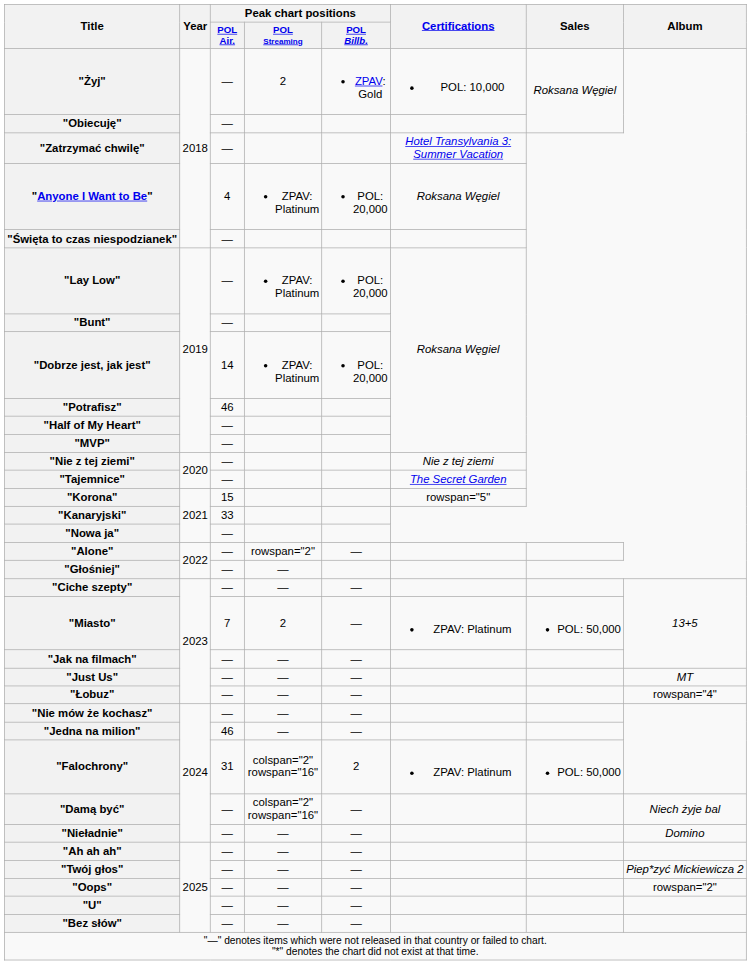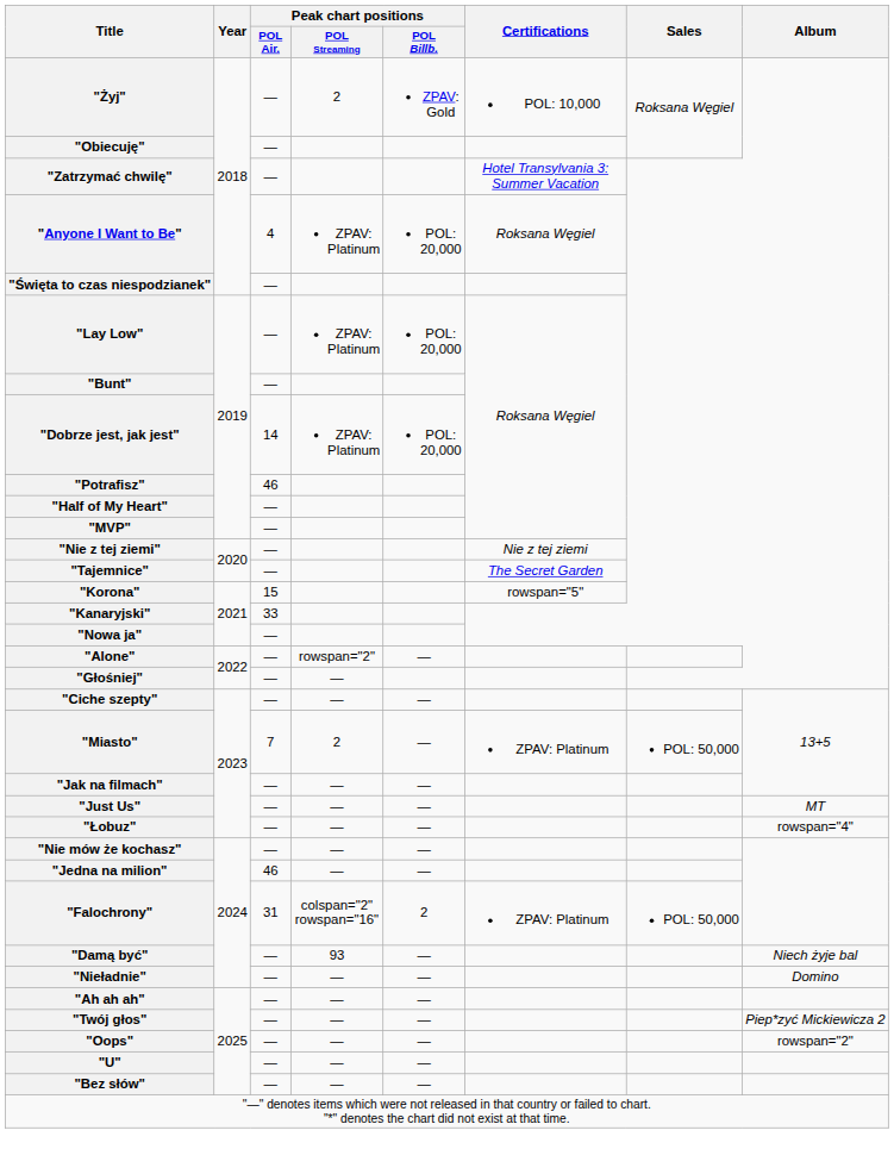 <table class="wikitable plainrowheaders" style="text-align:center;">
 <tr>
 <th scope="col" rowspan="2" style="width:15em;">Title</th>
 <th scope="col" rowspan="2" style="width:1em;">Year</th>
 <th scope="col" colspan="3">Peak chart positions</th>
 <th scope="col" rowspan="2" style="width:11.5em;"><a href='#'>Certifications</a></th>
 <th scope="col" rowspan="2">Sales</th>
 <th scope="col" rowspan="2">Album</th>
 </tr>
 <tr>
 <th scope="col" style="width:3em;font-size:85%;"><a href='#'>POL<br>Air.</a><br></th>
 <th scope="col" style="width:3em;font-size:85%;"><a href='#'>POL<br><small>Streaming</small></a><br></th>
 <th scope="col" style="width:3em;font-size:85%;"><a href='#'>POL<br><em>Billb.</em></a><br></th>
 </tr>
 <tr>
 <th scope="row">"Żyj"</th>
 <td rowspan="5">2018</td>
 <td>—</td>
 <td>2</td>
 <td><br><ul><li><a href='#'>ZPAV</a>: Gold</li></ul></td>
 <td><br><ul><li>POL: 10,000</li></ul></td>
 <td rowspan="2"><em>Roksana Węgiel</em></td>
 </tr>
 <tr>
 <th scope="row">"Obiecuję"</th>
 <td>—</td>
 <td></td>
 <td></td>
 </tr>
 <tr>
 <th scope="row">"Zatrzymać chwilę"<br></th>
 <td>—</td>
 <td></td>
 <td></td>
 <td><em><a href='#'>Hotel Transylvania 3: Summer Vacation</a></em></td>
 </tr>
 <tr>
 <th scope="row">"<a href='#'>Anyone I Want to Be</a>"</th>
 <td>4</td>
 <td><br><ul><li>ZPAV: Platinum</li></ul></td>
 <td><br><ul><li>POL: 20,000</li></ul></td>
 <td><em>Roksana Węgiel</em></td>
 </tr>
 <tr>
 <th scope="row">"Święta to czas niespodzianek"<br></th>
 <td>—</td>
 <td></td>
 <td></td>
 <td></td>
 </tr>
 <tr>
 <th scope="row">"Lay Low"</th>
 <td rowspan="6">2019</td>
 <td>—</td>
 <td><br><ul><li>ZPAV: Platinum</li></ul></td>
 <td><br><ul><li>POL: 20,000</li></ul></td>
 <td rowspan="6"><em>Roksana Węgiel</em></td>
 </tr>
 <tr>
 <th scope="row">"Bunt"</th>
 <td>—</td>
 <td></td>
 <td></td>
 </tr>
 <tr>
 <th scope="row">"Dobrze jest, jak jest"</th>
 <td>14</td>
 <td><br><ul><li>ZPAV: Platinum</li></ul></td>
 <td><br><ul><li>POL: 20,000</li></ul></td>
 </tr>
 <tr>
 <th scope="row">"Potrafisz"</th>
 <td>46</td>
 <td></td>
 <td></td>
 </tr>
 <tr>
 <th scope="row">"Half of My Heart"</th>
 <td>—</td>
 <td></td>
 <td></td>
 </tr>
 <tr>
 <th scope="row">"MVP"</th>
 <td>—</td>
 <td></td>
 <td></td>
 </tr>
 <tr>
 <th scope="row">"Nie z tej ziemi"<br></th>
 <td rowspan="2">2020</td>
 <td>—</td>
 <td></td>
 <td></td>
 <td><em>Nie z tej ziemi</em></td>
 </tr>
 <tr>
 <th scope="row">"Tajemnice"<br></th>
 <td>—</td>
 <td></td>
 <td></td>
 <td><em><a href='#'>The Secret Garden</a></em></td>
 </tr>
 <tr>
 <th scope="row">"Korona"</th>
 <td rowspan="3">2021</td>
 <td>15</td>
 <td></td>
 <td></td>
 <td>rowspan="5" </td>
 </tr>
 <tr>
 <th scope="row">"Kanaryjski"</th>
 <td>33</td>
 <td></td>
 <td></td>
 </tr>
 <tr>
 <th scope="row">"Nowa ja"</th>
 <td>—</td>
 <td></td>
 <td></td>
 </tr>
 <tr>
 <th scope="row">"Alone"<br></th>
 <td rowspan="2">2022</td>
 <td>—</td>
 <td>rowspan="2" </td>
 <td>—</td>
 <td></td>
 <td></td>
 </tr>
 <tr>
 <th scope="row">"Głośniej"</th>
 <td>—</td>
 <td>—</td>
 <td></td>
 <td></td>
 </tr>
 <tr>
 <th scope="row">"Ciche szepty"</th>
 <td rowspan="5">2023</td>
 <td>—</td>
 <td>—</td>
 <td>—</td>
 <td></td>
 <td></td>
 <td rowspan="3"><em>13+5</em></td>
 </tr>
 <tr>
 <th scope="row">"Miasto"</th>
 <td>7</td>
 <td>2</td>
 <td>—</td>
 <td><br><ul><li>ZPAV: Platinum</li></ul></td>
 <td><br><ul><li>POL: 50,000</li></ul></td>
 </tr>
 <tr>
 <th scope="row">"Jak na filmach"</th>
 <td>—</td>
 <td>—</td>
 <td>—</td>
 <td></td>
 <td></td>
 </tr>
 <tr>
 <th scope="row">"Just Us"<br></th>
 <td>—</td>
 <td>—</td>
 <td>—</td>
 <td></td>
 <td></td>
 <td><em>MT</em></td>
 </tr>
 <tr>
 <th scope="row">"Łobuz"<br></th>
 <td>—</td>
 <td>—</td>
 <td>—</td>
 <td></td>
 <td></td>
 <td>rowspan="4" </td>
 </tr>
 <tr>
 <th scope="row">"Nie mów że kochasz"<br></th>
 <td rowspan="5">2024</td>
 <td>—</td>
 <td>—</td>
 <td>—</td>
 <td></td>
 <td></td>
 </tr>
 <tr>
 <th scope="row">"Jedna na milion"</th>
 <td>46</td>
 <td>—</td>
 <td>—</td>
 <td></td>
 <td></td>
 </tr>
 <tr>
 <th scope="row">"Falochrony"<br></th>
 <td>31</td>
 <td>colspan="2" rowspan="16" </td>
 <td>2</td>
 <td><br><ul><li>ZPAV: Platinum</li></ul></td>
 <td><br><ul><li>POL: 50,000</li></ul></td>
 </tr>
 <tr>
 <th scope="row">"Damą być"<br></th>
 <td>—</td>
-<td>colspan="2" rowspan="16" </td>
+<td>93</td>
 <td>—</td>
 <td></td>
 <td></td>
 <td><em>Niech żyje bal</em></td>
 </tr>
 <tr>
 <th scope="row">"Nieładnie"<br></th>
 <td>—</td>
 <td>—</td>
 <td>—</td>
 <td></td>
 <td></td>
 <td><em>Domino</em></td>
 </tr>
 <tr>
 <th scope="row">"Ah ah ah"</th>
 <td rowspan="5">2025</td>
 <td>—</td>
 <td>—</td>
 <td>—</td>
 <td></td>
 <td></td>
 <td></td>
 </tr>
 <tr>
 <th scope="row">"Twój głos"</th>
 <td>—</td>
 <td>—</td>
 <td>—</td>
 <td></td>
 <td></td>
 <td><em>Piep*zyć Mickiewicza 2</em></td>
 </tr>
 <tr>
 <th scope="row">"Oops"<br></th>
 <td>—</td>
 <td>—</td>
 <td>—</td>
 <td></td>
 <td></td>
 <td>rowspan="2" </td>
 </tr>
 <tr>
 <th scope="row">"U"<br></th>
 <td>—</td>
 <td>—</td>
 <td>—</td>
 <td></td>
 <td></td>
 </tr>
 <tr>
 <th scope="row">"Bez słów"</th>
 <td>—</td>
 <td>—</td>
 <td>—</td>
 <td></td>
 <td></td>
 <td></td>
 </tr>
 <tr>
 <td colspan="8" style="font-size:90%;">"—" denotes items which were not released in that country or failed to chart.<br>"*" denotes the chart did not exist at that time.</td>
 </tr>
 </table>
